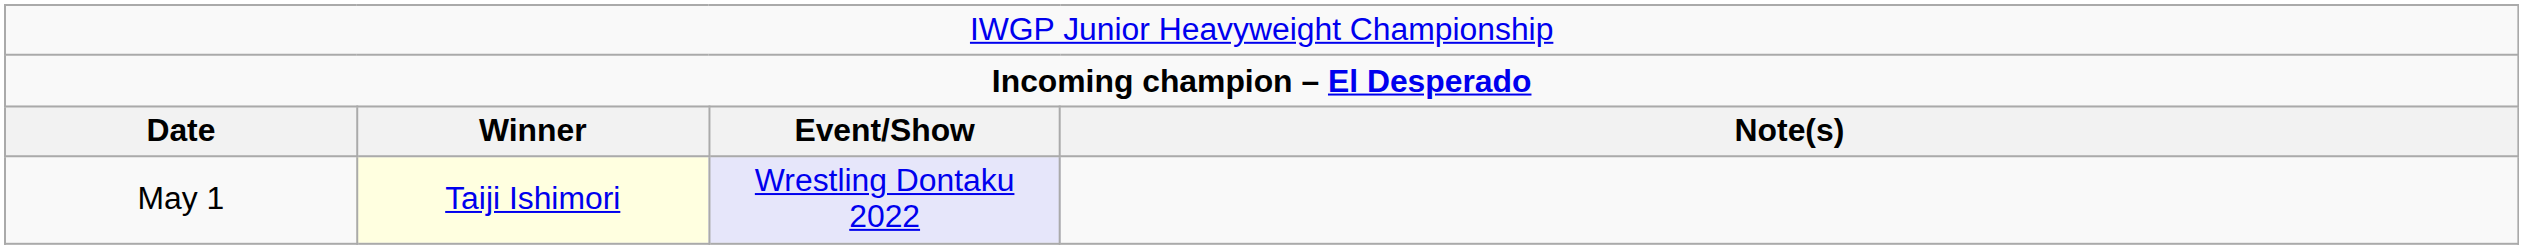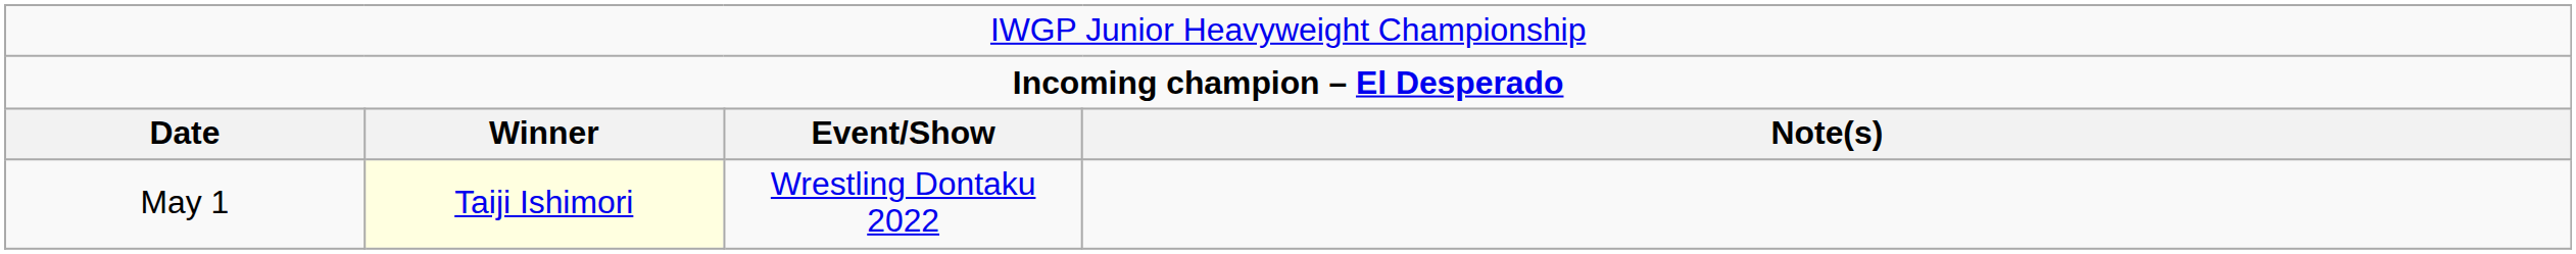 <table class="wikitable" style="text-align:center; width:100%;">
 <tr>
 <td colspan="4" style="text-align: center;"><a href='#'>IWGP Junior Heavyweight Championship</a></td>
 </tr>
 <tr>
 <td colspan="4" style="text-align: center;"><strong>Incoming champion – <a href='#'>El Desperado</a></strong></td>
 </tr>
 <tr>
 <th width=14%>Date</th>
 <th width=14%>Winner</th>
 <th width=14%>Event/Show</th>
 <th width=58%>Note(s)</th>
 </tr>
 <tr>
 <td>May 1</td>
 <td style="background: lightyellow;"><a href='#'>Taiji Ishimori</a></td>
-<td style="background: lavender;"><a href='#'>Wrestling Dontaku 2022</a></td>
+<td><a href='#'>Wrestling Dontaku 2022</a></td>
 <td></td>
 </tr>
 </table>
